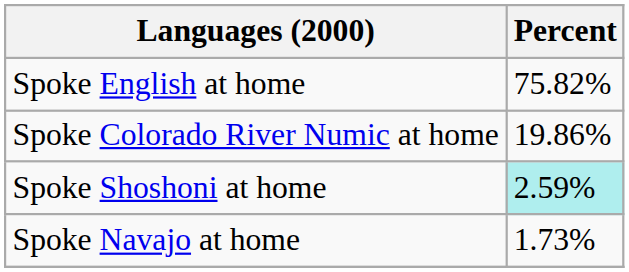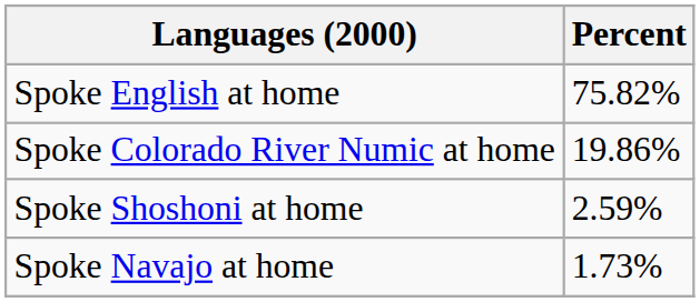 <table class="wikitable sortable collapsible" style="font-size: 90%;">
 <tr>
 <th>Languages (2000) </th>
 <th>Percent</th>
 </tr>
 <tr>
 <td>Spoke <a href='#'>English</a> at home</td>
 <td>75.82%</td>
 </tr>
 <tr>
 <td>Spoke <a href='#'>Colorado River Numic</a> at home</td>
 <td>19.86%</td>
 </tr>
 <tr>
 <td>Spoke <a href='#'>Shoshoni</a> at home</td>
-<td style="background: paleturquoise;">2.59%</td>
+<td>2.59%</td>
 </tr>
 <tr>
 <td>Spoke <a href='#'>Navajo</a> at home</td>
 <td>1.73%</td>
 </tr>
 <tr>
 </tr>
 </table>
